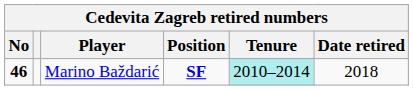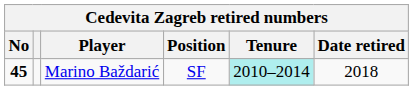 <table class="wikitable" style="text-align:center">
 <tr>
 <th colspan="6">Cedevita Zagreb retired numbers</th>
 </tr>
 <tr>
 <th>No</th>
 <th></th>
 <th>Player</th>
 <th>Position</th>
 <th>Tenure</th>
 <th>Date retired</th>
 </tr>
 <tr>
-<td><strong>46</strong></td>
+<td><strong>45</strong></td>
 <td></td>
 <td><a href='#'>Marino Baždarić</a></td>
-<td><strong><a href='#'>SF</a></strong></td>
+<td><a href='#'>SF</a></td>
 <td style="background: paleturquoise;">2010–2014</td>
 <td>2018</td>
 </tr>
 </table>
